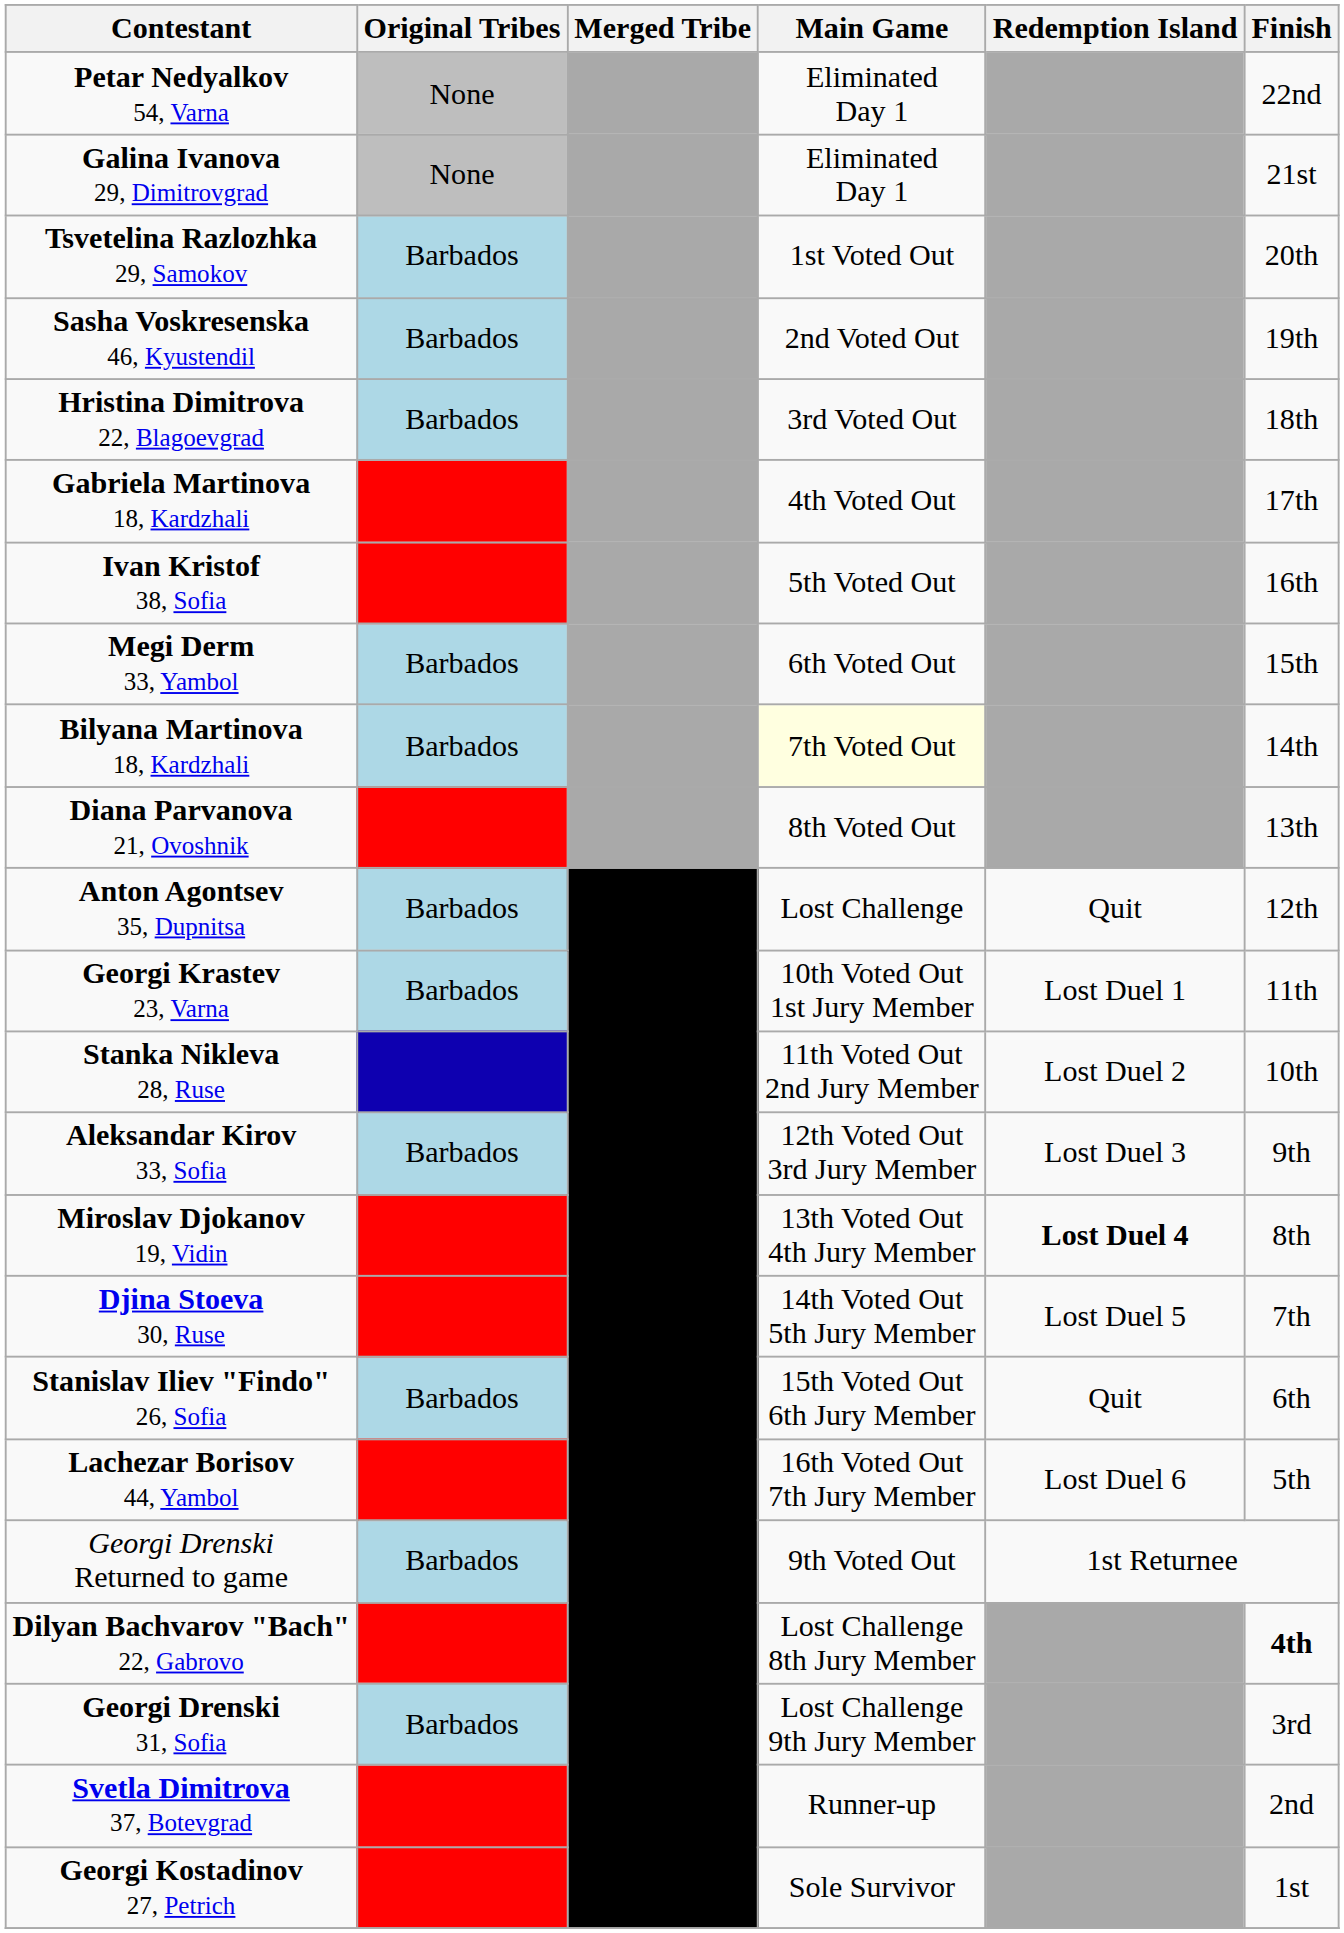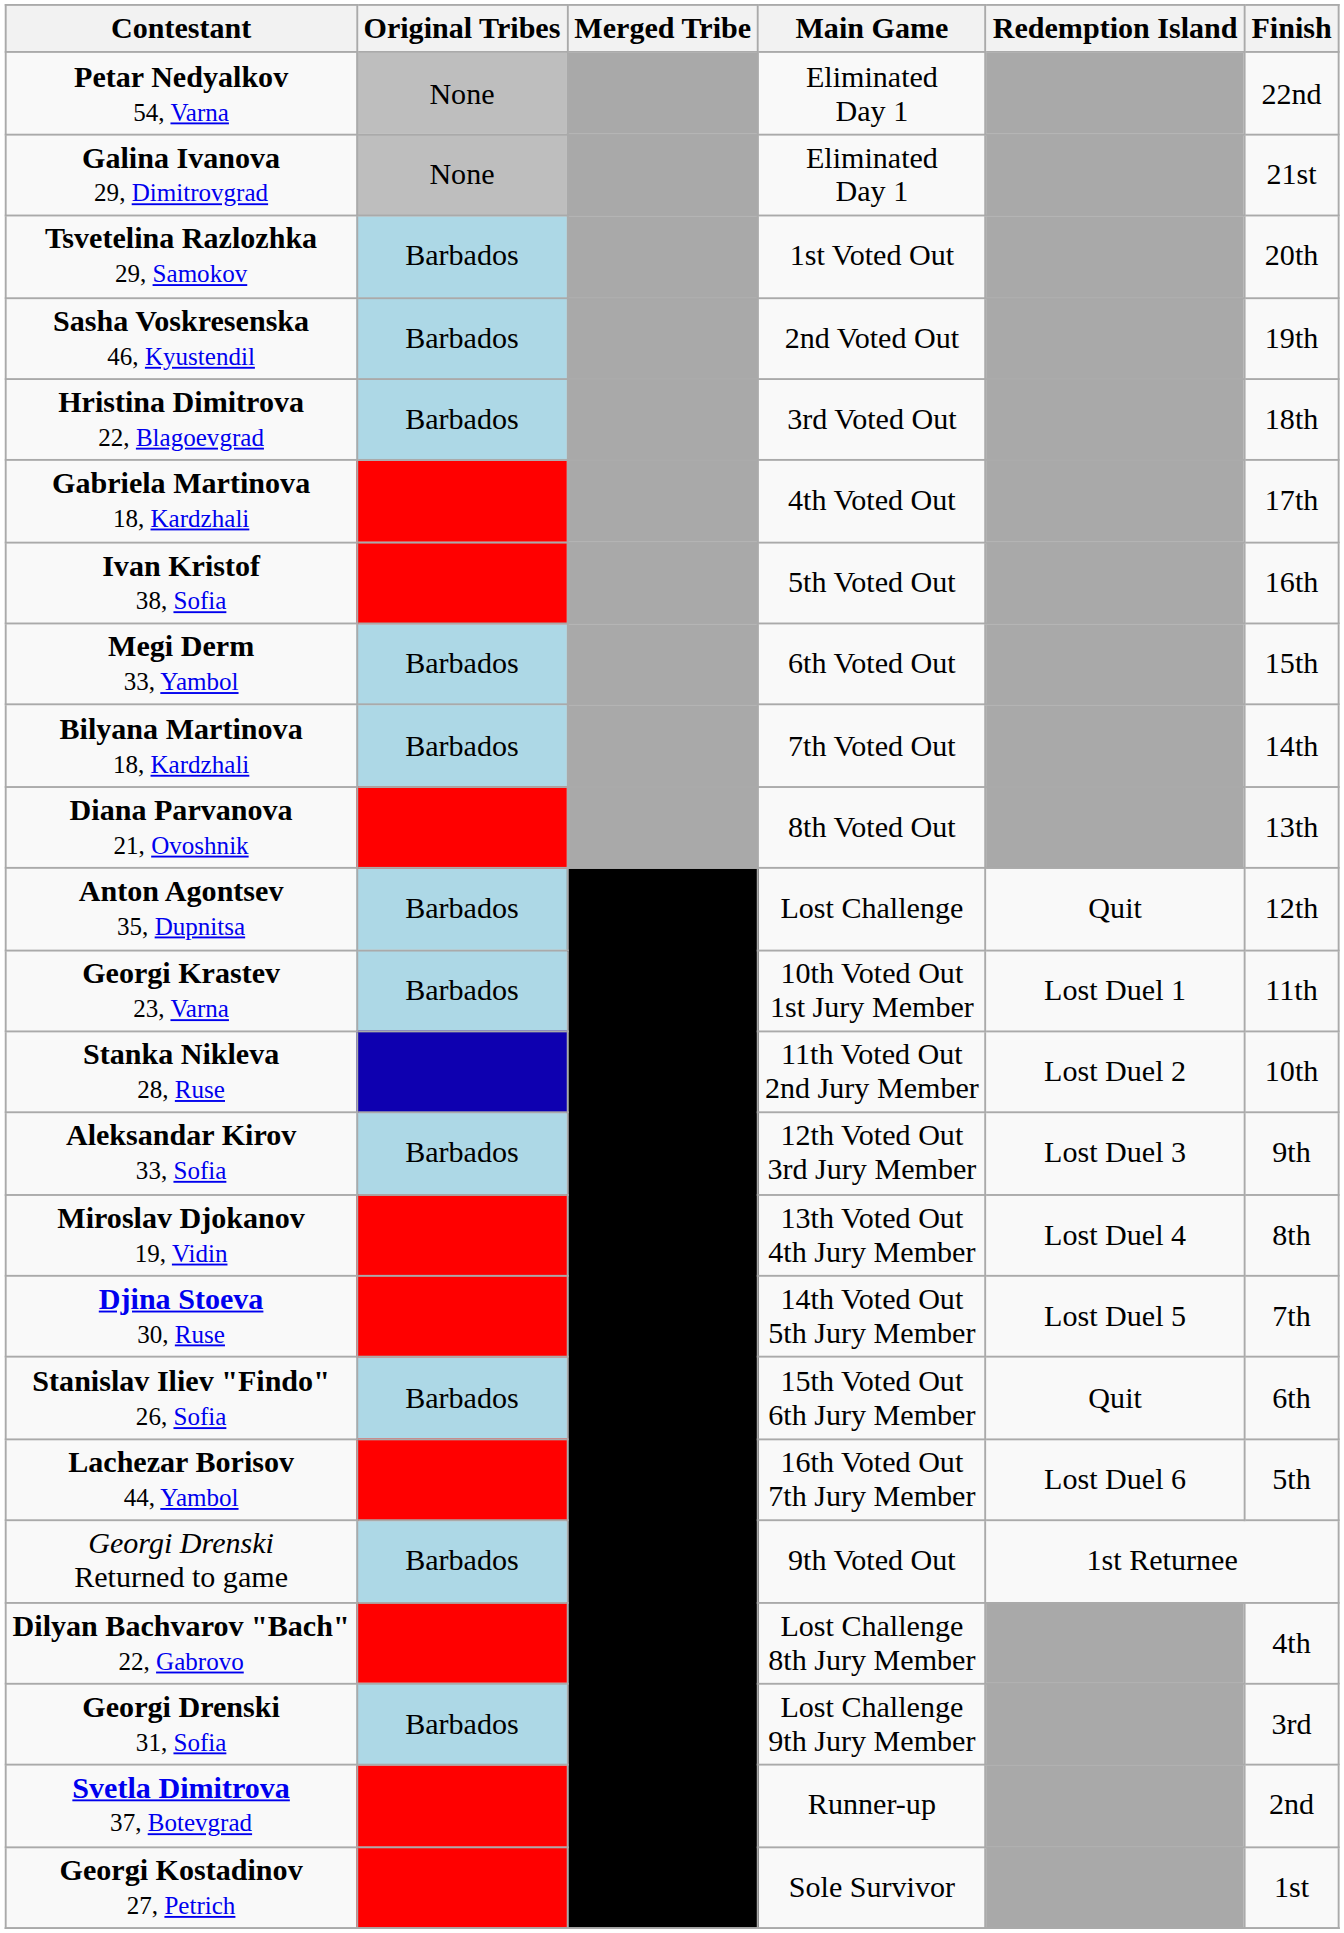 <table class="wikitable" style="margin:auto; text-align:center">
 <tr>
 <th>Contestant</th>
 <th>Original Tribes</th>
 <th>Merged Tribe</th>
 <th>Main Game</th>
 <th>Redemption Island</th>
 <th>Finish</th>
 </tr>
 <tr>
 <td><strong>Petar Nedyalkov</strong><br><small>54, <a href='#'>Varna</a></small></td>
 <td bgcolor="BEBEBE" align="center">None</td>
 <td bgcolor="darkgrey"></td>
 <td>Eliminated<br>Day 1</td>
 <td bgcolor="darkgrey"></td>
 <td>22nd</td>
 </tr>
 <tr>
 <td><strong>Galina Ivanova</strong><br><small>29, <a href='#'>Dimitrovgrad</a></small></td>
 <td bgcolor="BEBEBE" align="center">None</td>
 <td bgcolor="darkgrey"></td>
 <td>Eliminated<br>Day 1</td>
 <td bgcolor="darkgrey"></td>
 <td>21st</td>
 </tr>
 <tr>
 <td><strong>Tsvetelina Razlozhka</strong><br><small>29, <a href='#'>Samokov</a></small></td>
 <td bgcolor="lightblue" align="center">Barbados</td>
 <td bgcolor="darkgrey"></td>
 <td>1st Voted Out</td>
 <td bgcolor="darkgrey"></td>
 <td>20th</td>
 </tr>
 <tr>
 <td><strong>Sasha Voskresenska</strong><br><small>46, <a href='#'>Kyustendil</a></small></td>
 <td bgcolor="lightblue" align="center">Barbados</td>
 <td bgcolor="darkgrey"></td>
 <td>2nd Voted Out</td>
 <td bgcolor="darkgrey"></td>
 <td>19th</td>
 </tr>
 <tr>
 <td><strong>Hristina Dimitrova</strong><br><small>22, <a href='#'>Blagoevgrad</a></small></td>
 <td bgcolor="lightblue" align="center">Barbados</td>
 <td bgcolor="darkgrey"></td>
 <td>3rd Voted Out</td>
 <td bgcolor="darkgrey"></td>
 <td>18th</td>
 </tr>
 <tr>
 <td><strong>Gabriela Martinova</strong><br><small>18, <a href='#'>Kardzhali</a></small></td>
 <td bgcolor="red" align="center"></td>
 <td bgcolor="darkgrey"></td>
 <td>4th Voted Out</td>
 <td bgcolor="darkgrey"></td>
 <td>17th</td>
 </tr>
 <tr>
 <td><strong>Ivan Kristof</strong><br><small>38, <a href='#'>Sofia</a></small></td>
 <td bgcolor="red" align="center"></td>
 <td bgcolor="darkgrey"></td>
 <td>5th Voted Out</td>
 <td bgcolor="darkgrey"></td>
 <td>16th</td>
 </tr>
 <tr>
 <td><strong>Megi Derm</strong><br><small>33, <a href='#'>Yambol</a></small></td>
 <td bgcolor="lightblue" align="center">Barbados</td>
 <td bgcolor="darkgrey"></td>
 <td>6th Voted Out</td>
 <td bgcolor="darkgrey"></td>
 <td>15th</td>
 </tr>
 <tr>
 <td><strong>Bilyana Martinova</strong><br><small>18, <a href='#'>Kardzhali</a></small></td>
 <td bgcolor="lightblue" align="center">Barbados</td>
 <td bgcolor="darkgrey"></td>
-<td style="background: lightyellow;">7th Voted Out</td>
+<td>7th Voted Out</td>
 <td bgcolor="darkgrey"></td>
 <td>14th</td>
 </tr>
 <tr>
 <td><strong>Diana Parvanova</strong><br><small>21, <a href='#'>Ovoshnik</a></small></td>
 <td bgcolor="red" align="center"></td>
 <td bgcolor="darkgrey"></td>
 <td>8th Voted Out</td>
 <td bgcolor="darkgrey"></td>
 <td>13th</td>
 </tr>
 <tr>
 <td><strong>Anton Agontsev</strong><br><small>35, <a href='#'>Dupnitsa</a></small></td>
 <td bgcolor="lightblue" align="center">Barbados</td>
 <td bgcolor="black" rowspan="13" align="center"></td>
 <td>Lost Challenge</td>
 <td>Quit</td>
 <td>12th</td>
 </tr>
 <tr>
 <td><strong>Georgi Krastev</strong><br><small>23, <a href='#'>Varna</a></small></td>
 <td bgcolor="lightblue" align="center">Barbados</td>
 <td>10th Voted Out<br>1st Jury Member</td>
 <td>Lost Duel 1</td>
 <td>11th</td>
 </tr>
 <tr>
 <td><strong>Stanka Nikleva</strong><br><small>28, <a href='#'>Ruse</a></small></td>
 <td bgcolor="redlightblue" align="center"></td>
 <td>11th Voted Out<br>2nd Jury Member</td>
 <td>Lost Duel 2</td>
 <td>10th</td>
 </tr>
 <tr>
 <td><strong>Aleksandar Kirov</strong><br><small>33, <a href='#'>Sofia</a></small></td>
 <td bgcolor="lightblue" align="center">Barbados</td>
 <td>12th Voted Out<br>3rd Jury Member</td>
 <td>Lost Duel 3</td>
 <td>9th</td>
 </tr>
 <tr>
 <td><strong>Miroslav Djokanov</strong><br><small>19, <a href='#'>Vidin</a></small></td>
 <td bgcolor="red" align="center"></td>
 <td>13th Voted Out<br>4th Jury Member</td>
-<td><strong>Lost Duel 4</strong></td>
+<td>Lost Duel 4</td>
 <td>8th</td>
 </tr>
 <tr>
 <td><strong><a href='#'>Djina Stoeva</a></strong><br><small>30, <a href='#'>Ruse</a></small></td>
 <td bgcolor="red" align="center"></td>
 <td>14th Voted Out<br>5th Jury Member</td>
 <td>Lost Duel 5</td>
 <td>7th</td>
 </tr>
 <tr>
 <td><strong>Stanislav Iliev "Findo"</strong><br><small>26, <a href='#'>Sofia</a></small></td>
 <td bgcolor="lightblue" align="center">Barbados</td>
 <td>15th Voted Out<br>6th Jury Member</td>
 <td>Quit</td>
 <td>6th</td>
 </tr>
 <tr>
 <td><strong>Lachezar Borisov</strong><br><small>44, <a href='#'>Yambol</a></small></td>
 <td bgcolor="red" align="center"></td>
 <td>16th Voted Out<br>7th Jury Member</td>
 <td>Lost Duel 6</td>
 <td>5th</td>
 </tr>
 <tr>
 <td><em>Georgi Drenski</em><br>Returned to game</td>
 <td bgcolor="lightblue" align="center">Barbados</td>
 <td>9th Voted Out</td>
 <td colspan="2">1st Returnee</td>
 </tr>
 <tr>
 <td><strong>Dilyan Bachvarov "Bach"</strong><br><small>22, <a href='#'>Gabrovo</a></small></td>
 <td bgcolor="red" align="center"></td>
 <td>Lost Challenge<br>8th Jury Member</td>
 <td bgcolor="darkgrey"></td>
-<td><strong>4th</strong></td>
+<td>4th</td>
 </tr>
 <tr>
 <td><strong>Georgi Drenski</strong><br><small>31, <a href='#'>Sofia</a></small></td>
 <td bgcolor="lightblue" align="center">Barbados</td>
 <td>Lost Challenge<br>9th Jury Member</td>
 <td bgcolor="darkgrey"></td>
 <td>3rd</td>
 </tr>
 <tr>
 <td><strong><a href='#'>Svetla Dimitrova</a></strong><br><small>37, <a href='#'>Botevgrad</a></small></td>
 <td bgcolor="red" align="center"></td>
 <td>Runner-up</td>
 <td bgcolor="darkgrey"></td>
 <td>2nd</td>
 </tr>
 <tr>
 <td><strong>Georgi Kostadinov</strong><br><small>27, <a href='#'>Petrich</a></small></td>
 <td bgcolor="red" align="center"></td>
 <td>Sole Survivor</td>
 <td bgcolor="darkgrey"></td>
 <td>1st</td>
 </tr>
 <tr>
 </tr>
 </table>
